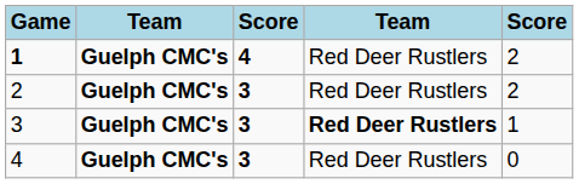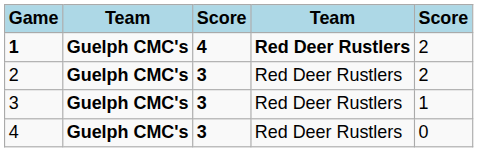 <table class="wikitable">
 <tr>
 <th style="background:lightblue;">Game</th>
 <th style="background:lightblue;">Team</th>
 <th style="background:lightblue;">Score</th>
 <th style="background:lightblue;">Team</th>
 <th style="background:lightblue;">Score</th>
 </tr>
 <tr bgcolor=>
 <td><strong>1</strong></td>
 <td><strong>Guelph CMC's</strong></td>
 <td><strong>4</strong></td>
-<td>Red Deer Rustlers</td>
+<td><strong>Red Deer Rustlers</strong></td>
 <td>2</td>
 </tr>
 <tr bgcolor=>
 <td>2</td>
 <td><strong>Guelph CMC's</strong></td>
 <td><strong>3</strong></td>
 <td>Red Deer Rustlers</td>
 <td>2</td>
 </tr>
 <tr bgcolor=>
 <td>3</td>
 <td><strong>Guelph CMC's</strong></td>
 <td><strong>3</strong></td>
-<td><strong>Red Deer Rustlers</strong></td>
+<td>Red Deer Rustlers</td>
 <td>1</td>
 </tr>
 <tr bgcolor=>
 <td>4</td>
 <td><strong>Guelph CMC's</strong></td>
 <td><strong>3</strong></td>
 <td>Red Deer Rustlers</td>
 <td>0</td>
 </tr>
 </table>
